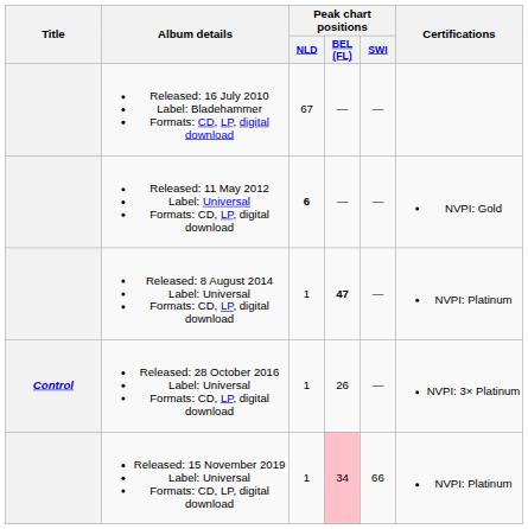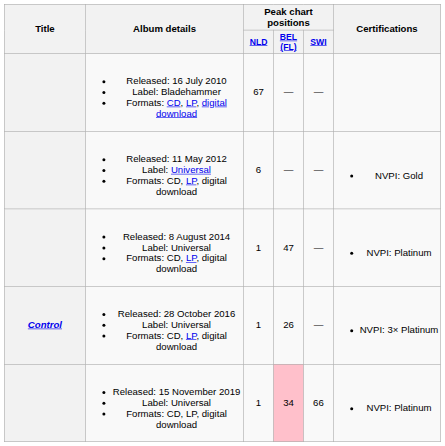 <table class="wikitable plainrowheaders" style="text-align:center;">
 <tr>
 <th scope="col" rowspan="2" style="width:8em;">Title</th>
 <th scope="col" rowspan="2" style="width:16em;">Album details</th>
 <th scope="col" colspan="3">Peak chart positions</th>
 <th rowspan="2">Certifications</th>
 </tr>
 <tr>
 <th scope="col" style="width:3em;font-size:90%;"><a href='#'>NLD</a><br></th>
 <th scope="col" style="width:3em;font-size:90%;"><a href='#'>BEL<br>(FL)</a><br></th>
 <th scope="col" style="width:3em;font-size:90%;"><a href='#'>SWI</a><br></th>
 </tr>
 <tr>
 <th scope="row"><em></em></th>
 <td><br><ul><li>Released: 16 July 2010</li><li>Label: Bladehammer</li><li>Formats: <a href='#'>CD</a>, <a href='#'>LP</a>, <a href='#'>digital download</a></li></ul></td>
 <td>67</td>
 <td>—</td>
 <td>—</td>
 <td></td>
 </tr>
 <tr>
 <th scope="row"><em></em></th>
 <td><br><ul><li>Released: 11 May 2012</li><li>Label: <a href='#'>Universal</a></li><li>Formats: CD, <a href='#'>LP</a>, digital download</li></ul></td>
-<td><strong>6</strong></td>
+<td>6</td>
 <td>—</td>
 <td>—</td>
 <td><br><ul><li>NVPI: Gold</li></ul></td>
 </tr>
 <tr>
 <th scope="row"><em></em></th>
 <td><br><ul><li>Released: 8 August 2014</li><li>Label: Universal</li><li>Formats: CD, <a href='#'>LP</a>, digital download</li></ul></td>
 <td>1</td>
-<td><strong>47</strong></td>
+<td>47</td>
 <td>—</td>
 <td><br><ul><li>NVPI: Platinum</li></ul></td>
 </tr>
 <tr>
 <th scope="row"><em><a href='#'>Control</a></em></th>
 <td><br><ul><li>Released: 28 October 2016</li><li>Label: Universal</li><li>Formats: CD, <a href='#'>LP</a>, digital download</li></ul></td>
 <td>1</td>
 <td>26</td>
 <td>—</td>
 <td><br><ul><li>NVPI: 3× Platinum</li></ul></td>
 </tr>
 <tr>
 <th scope="row"><em></em></th>
 <td><br><ul><li>Released: 15 November 2019</li><li>Label: Universal</li><li>Formats: CD, LP, digital download</li></ul></td>
 <td>1</td>
 <td style="background: pink;">34</td>
 <td>66</td>
 <td><br><ul><li>NVPI: Platinum</li></ul></td>
 </tr>
 </table>
